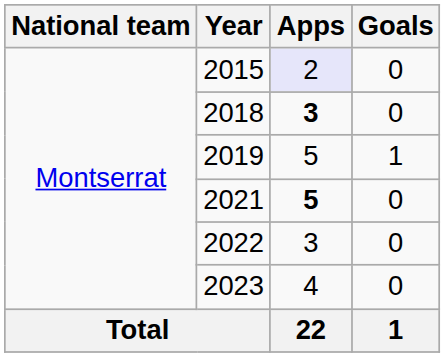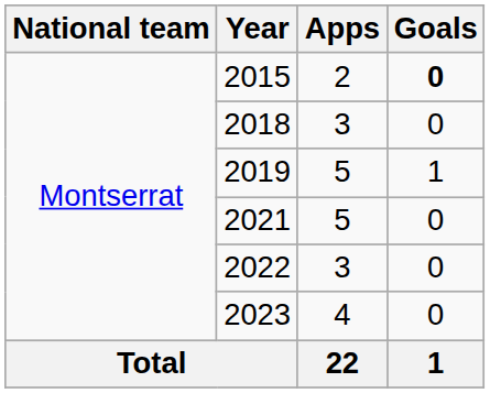 <table class=wikitable style="text-align: center">
 <tr>
 <th>National team</th>
 <th>Year</th>
 <th>Apps</th>
 <th>Goals</th>
 </tr>
 <tr>
 <td rowspan=6><a href='#'>Montserrat</a></td>
 <td>2015</td>
-<td style="background: lavender;">2</td>
-<td>0</td>
+<td>2</td>
+<td><strong>0</strong></td>
 </tr>
 <tr>
 <td>2018</td>
-<td><strong>3</strong></td>
+<td>3</td>
 <td>0</td>
 </tr>
 <tr>
 <td>2019</td>
 <td>5</td>
 <td>1</td>
 </tr>
 <tr>
 <td>2021</td>
-<td><strong>5</strong></td>
+<td>5</td>
 <td>0</td>
 </tr>
 <tr>
 <td>2022</td>
 <td>3</td>
 <td>0</td>
 </tr>
 <tr>
 <td>2023</td>
 <td>4</td>
 <td>0</td>
 </tr>
 <tr>
 <th colspan=2>Total</th>
 <th>22</th>
 <th>1</th>
 </tr>
 </table>
